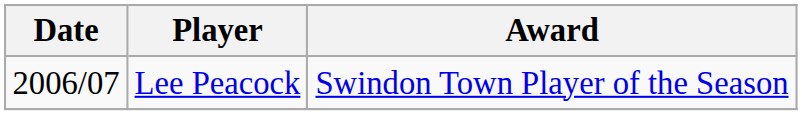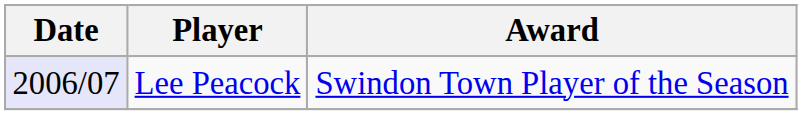 <table class="wikitable">
 <tr>
 <th>Date</th>
 <th>Player</th>
 <th>Award</th>
 </tr>
 <tr>
-<td>2006/07</td>
+<td style="background: lavender;">2006/07</td>
 <td> <a href='#'>Lee Peacock</a></td>
 <td><a href='#'>Swindon Town Player of the Season</a></td>
 </tr>
 <tr>
 </tr>
 </table>
